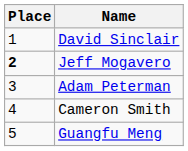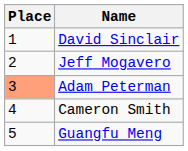 <table class="wikitable">
 <tr>
 <th>Place</th>
 <th>Name</th>
 </tr>
 <tr>
 <td>1</td>
 <td> <a href='#'>David Sinclair</a></td>
 </tr>
 <tr>
-<td><strong>2</strong></td>
+<td>2</td>
 <td> <a href='#'>Jeff Mogavero</a></td>
 </tr>
 <tr>
-<td>3</td>
+<td style="background: lightsalmon;">3</td>
 <td> <a href='#'>Adam Peterman</a></td>
 </tr>
 <tr>
 <td>4</td>
 <td> Cameron Smith</td>
 </tr>
 <tr>
 <td>5</td>
 <td> <a href='#'>Guangfu Meng</a></td>
 </tr>
 </table>
